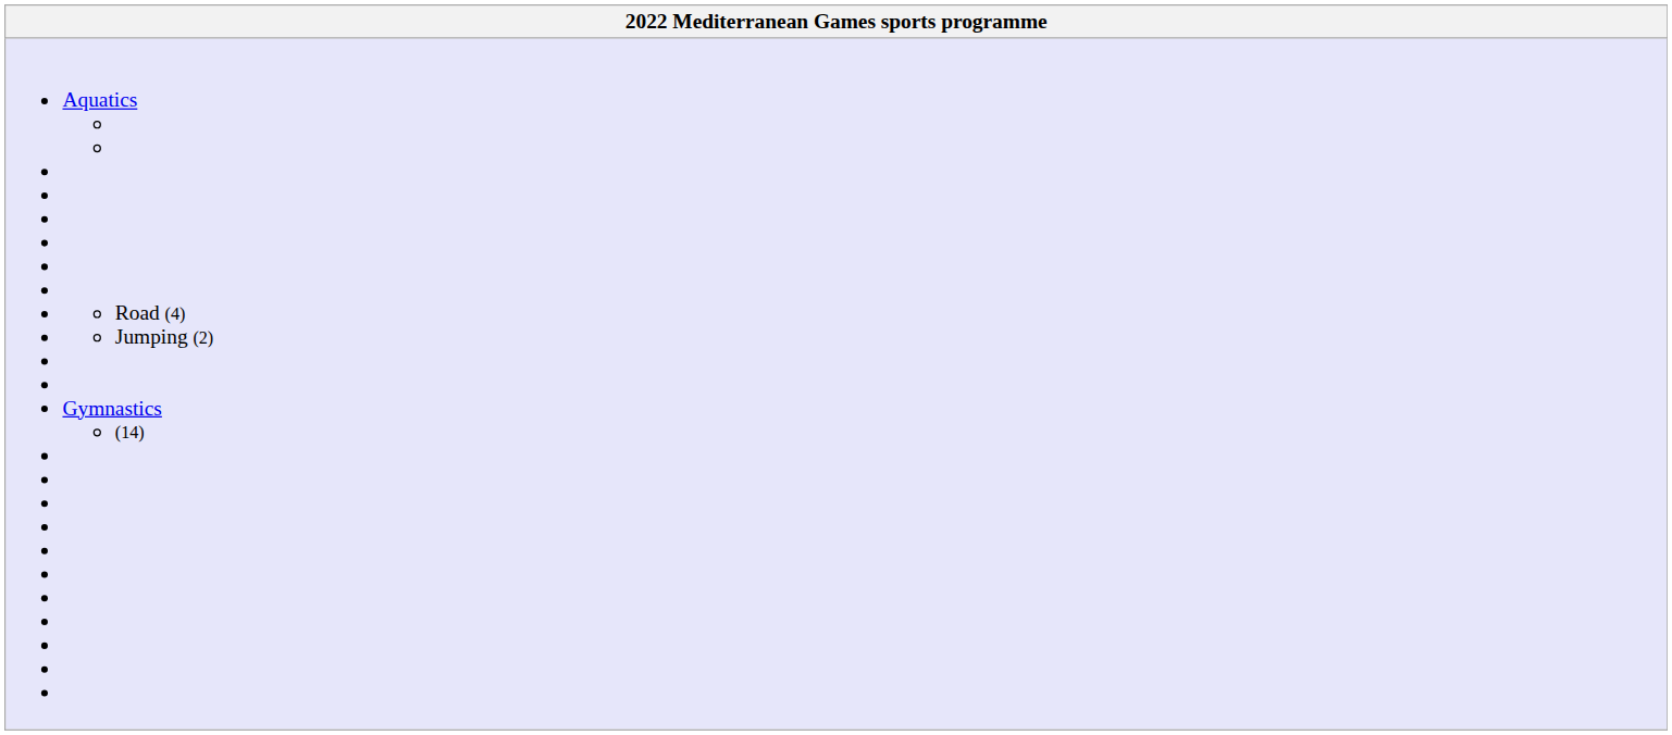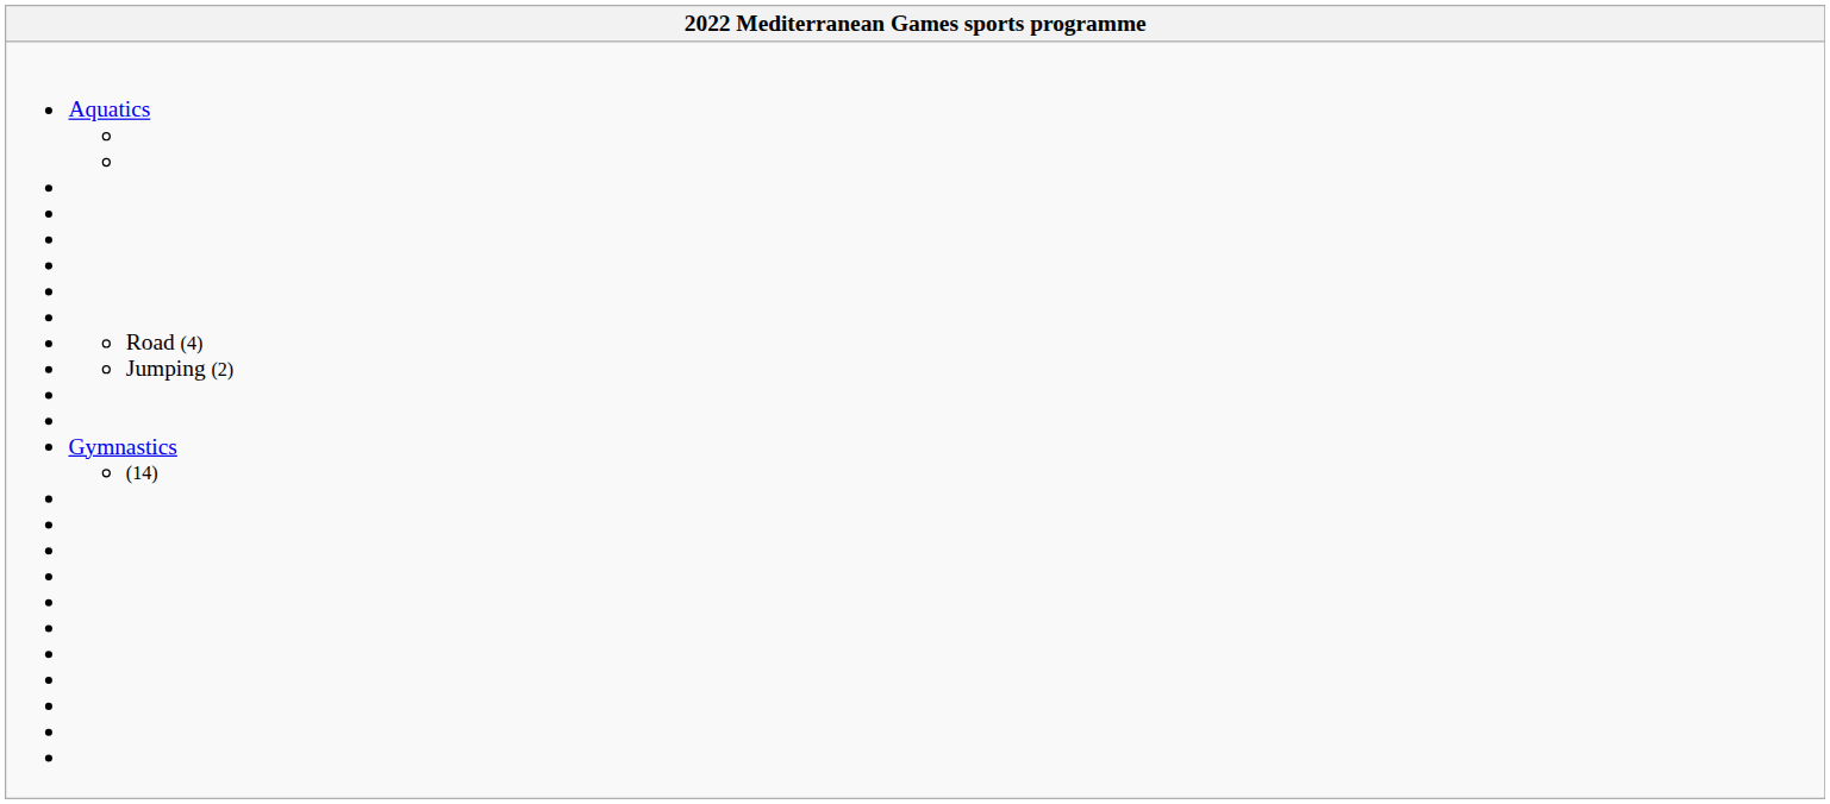 <table class="wikitable" width=100%>
 <tr>
 <th>2022 Mediterranean Games sports programme</th>
 </tr>
 <tr>
-<td style="background: lavender;"><br><ul><li><a href='#'>Aquatics</a><ul><li></li><li></li></ul></li><li></li><li></li><li></li><li></li><li></li><li></li><li><ul><li>Road <small>(4)</small></li></ul></li><li><ul><li>Jumping <small>(2)</small></li></ul></li><li></li><li></li><li><a href='#'>Gymnastics</a><ul><li> <small>(14)</small></li></ul></li><li></li><li></li><li></li><li></li><li></li><li></li><li></li><li></li><li></li><li></li><li></li></ul></td>
+<td><br><ul><li><a href='#'>Aquatics</a><ul><li></li><li></li></ul></li><li></li><li></li><li></li><li></li><li></li><li></li><li><ul><li>Road <small>(4)</small></li></ul></li><li><ul><li>Jumping <small>(2)</small></li></ul></li><li></li><li></li><li><a href='#'>Gymnastics</a><ul><li> <small>(14)</small></li></ul></li><li></li><li></li><li></li><li></li><li></li><li></li><li></li><li></li><li></li><li></li><li></li></ul></td>
 </tr>
 </table>
